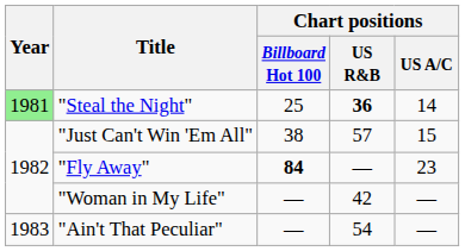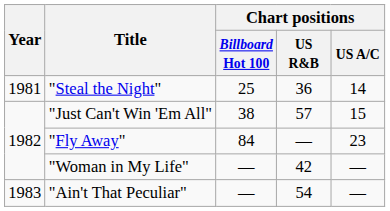 <table class="wikitable">
 <tr>
 <th rowspan="2">Year</th>
 <th rowspan="2">Title</th>
 <th colspan="3">Chart positions</th>
 </tr>
 <tr>
 <th style="width:45px;"><small><a href='#'><em>Billboard</em> Hot 100</a></small></th>
 <th style="width:45px;"><small>US R&B</small></th>
 <th style="width:45px;"><small>US A/C</small></th>
 </tr>
 <tr>
-<td style="background: lightgreen;">1981</td>
+<td>1981</td>
 <td>"<a href='#'>Steal the Night</a>"</td>
 <td style="text-align:center;">25</td>
-<td style="text-align:center;"><strong>36</strong></td>
+<td style="text-align:center;">36</td>
 <td style="text-align:center;">14</td>
 </tr>
 <tr>
 <td rowspan="3">1982</td>
 <td>"Just Can't Win 'Em All"</td>
 <td style="text-align:center;">38</td>
 <td style="text-align:center;">57</td>
 <td style="text-align:center;">15</td>
 </tr>
 <tr>
 <td>"<a href='#'>Fly Away</a>"</td>
-<td style="text-align:center;"><strong>84</strong></td>
+<td style="text-align:center;">84</td>
 <td style="text-align:center;">—</td>
 <td style="text-align:center;">23</td>
 </tr>
 <tr>
 <td>"Woman in My Life"</td>
 <td style="text-align:center;">—</td>
 <td style="text-align:center;">42</td>
 <td style="text-align:center;">—</td>
 </tr>
 <tr>
 <td>1983</td>
 <td>"Ain't That Peculiar"</td>
 <td style="text-align:center;">—</td>
 <td style="text-align:center;">54</td>
 <td style="text-align:center;">—</td>
 </tr>
 </table>
